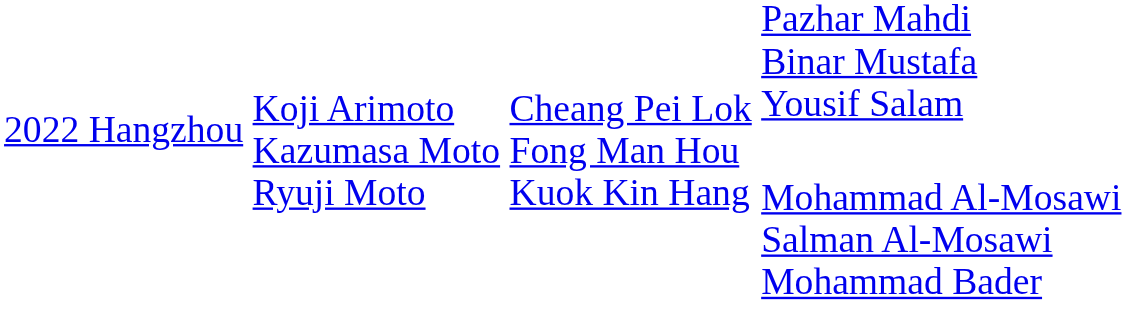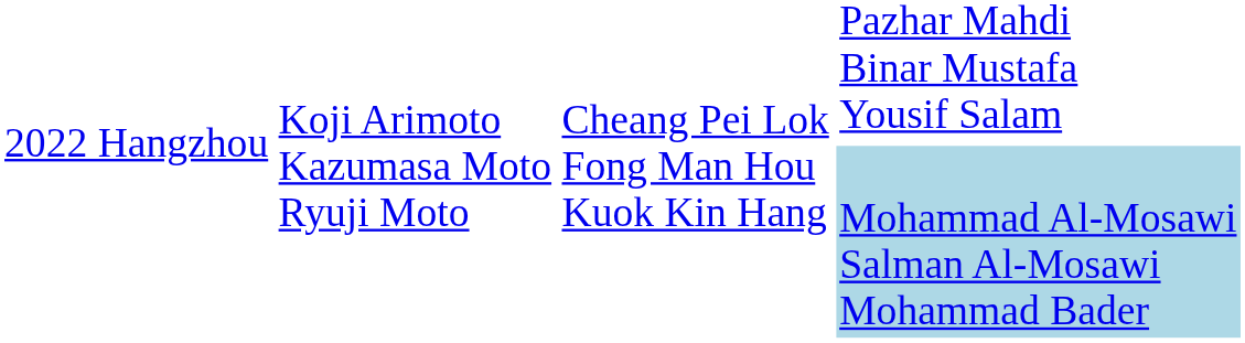 <table>
 <tr>
 <td rowspan=2><a href='#'>2022 Hangzhou</a></td>
 <td rowspan=2><br><a href='#'>Koji Arimoto</a><br><a href='#'>Kazumasa Moto</a><br><a href='#'>Ryuji Moto</a></td>
 <td rowspan=2><br><a href='#'>Cheang Pei Lok</a><br><a href='#'>Fong Man Hou</a><br><a href='#'>Kuok Kin Hang</a></td>
 <td><br><a href='#'>Pazhar Mahdi</a><br><a href='#'>Binar Mustafa</a><br><a href='#'>Yousif Salam</a></td>
 </tr>
 <tr>
-<td><br><a href='#'>Mohammad Al-Mosawi</a><br><a href='#'>Salman Al-Mosawi</a><br><a href='#'>Mohammad Bader</a></td>
+<td style="background: lightblue;"><br><a href='#'>Mohammad Al-Mosawi</a><br><a href='#'>Salman Al-Mosawi</a><br><a href='#'>Mohammad Bader</a></td>
 </tr>
 </table>
